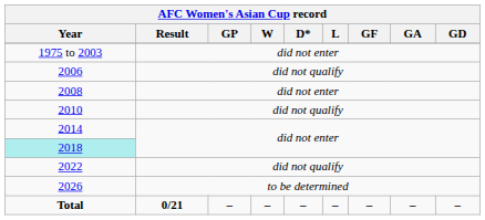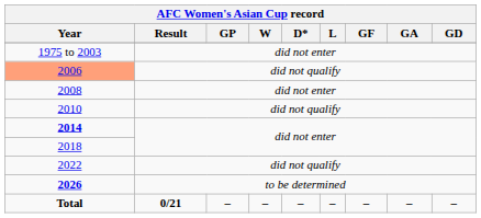 <table class="wikitable" style="text-align: center; width:50%;">
 <tr>
 <th colspan=10><a href='#'>AFC Women's Asian Cup</a> record</th>
 </tr>
 <tr>
 <th>Year</th>
 <th>Result</th>
 <th>GP</th>
 <th>W</th>
 <th>D*</th>
 <th>L</th>
 <th>GF</th>
 <th>GA</th>
 <th>GD</th>
 </tr>
 <tr>
 </tr>
 <tr>
 <td> <a href='#'>1975</a> to  <a href='#'>2003</a></td>
 <td colspan=9><em>did not enter</em></td>
 </tr>
 <tr>
-<td> <a href='#'>2006</a></td>
+<td style="background: lightsalmon;"> <a href='#'>2006</a></td>
 <td colspan=9><em>did not qualify</em></td>
 </tr>
 <tr>
 <td> <a href='#'>2008</a></td>
 <td colspan=9><em>did not enter</em></td>
 </tr>
 <tr>
 <td> <a href='#'>2010</a></td>
 <td colspan=9><em>did not qualify</em></td>
 </tr>
 <tr>
-<td> <a href='#'>2014</a></td>
+<td><strong> <a href='#'>2014</a></strong></td>
 <td colspan=9 rowspan=2><em>did not enter</em></td>
 </tr>
 <tr>
-<td style="background: paleturquoise;"> <a href='#'>2018</a></td>
+<td> <a href='#'>2018</a></td>
 </tr>
 <tr>
 <td> <a href='#'>2022</a></td>
 <td colspan=9><em>did not qualify</em></td>
 </tr>
 <tr>
-<td> <a href='#'>2026</a></td>
+<td><strong> <a href='#'>2026</a></strong></td>
 <td colspan=9><em>to be determined</em></td>
 </tr>
 <tr>
 <td><strong>Total</strong></td>
 <td><strong>0/21</strong></td>
 <td><strong>–</strong></td>
 <td><strong>–</strong></td>
 <td><strong>–</strong></td>
 <td><strong>–</strong></td>
 <td><strong>–</strong></td>
 <td><strong>–</strong></td>
 <td><strong>–</strong></td>
 </tr>
 </table>
